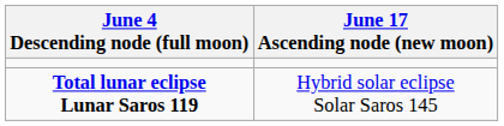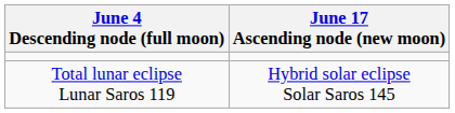 <table class="wikitable">
 <tr>
 <th><a href='#'>June 4</a><br>Descending node (full moon)</th>
 <th><a href='#'>June 17</a><br>Ascending node (new moon)</th>
 </tr>
 <tr>
 <td></td>
 <td></td>
 </tr>
 <tr align=center>
-<td><strong><a href='#'>Total lunar eclipse</a><br>Lunar Saros 119</strong></td>
+<td><a href='#'>Total lunar eclipse</a><br>Lunar Saros 119</td>
 <td><a href='#'>Hybrid solar eclipse</a><br>Solar Saros 145</td>
 </tr>
 </table>
